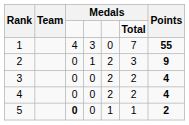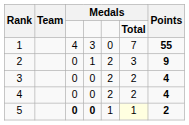 <table class="wikitable">
 <tr>
 <th rowspan=2>Rank</th>
 <th rowspan=2>Team</th>
 <th colspan=4>Medals</th>
 <th rowspan=2>Points</th>
 </tr>
 <tr>
 <td width=20px align=center></td>
 <td width=20px align=center></td>
 <td width=20px align=center></td>
 <td align=center><strong>Total</strong></td>
 </tr>
 <tr>
 <td align=center>1</td>
 <td></td>
 <td align=center>4</td>
 <td align=center>3</td>
 <td align=center>0</td>
 <td align=center>7</td>
 <td align=center><strong>55</strong></td>
 </tr>
 <tr>
 <td align=center>2</td>
 <td></td>
 <td align=center>0</td>
 <td align=center>1</td>
 <td align=center>2</td>
 <td align=center>3</td>
 <td align=center><strong>9</strong></td>
 </tr>
 <tr>
 <td align=center>3</td>
 <td></td>
 <td align=center>0</td>
 <td align=center>0</td>
 <td align=center>2</td>
 <td align=center>2</td>
 <td align=center><strong>4</strong></td>
 </tr>
 <tr>
 <td align=center>4</td>
 <td></td>
 <td align=center>0</td>
 <td align=center>0</td>
 <td align=center>2</td>
 <td align=center>2</td>
 <td align=center><strong>4</strong></td>
 </tr>
 <tr>
 <td align=center>5</td>
 <td></td>
 <td align=center><strong>0</strong></td>
-<td align=center>0</td>
+<td align=center><strong>0</strong></td>
 <td align=center>1</td>
-<td align=center>1</td>
+<td align=center style="background: lightyellow;">1</td>
 <td align=center><strong>2</strong></td>
 </tr>
 </table>
